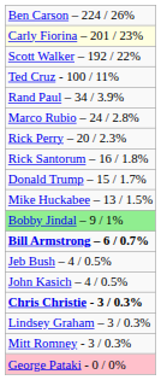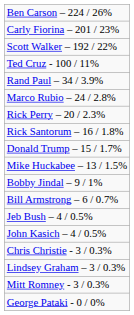 <table class="wikitable sortable">
 <tr>
 <td><a href='#'>Ben Carson</a> – 224 / 26%</td>
 </tr>
 <tr>
-<td style="background: lightyellow;"><a href='#'>Carly Fiorina</a> – 201 / 23%</td>
+<td><a href='#'>Carly Fiorina</a> – 201 / 23%</td>
 </tr>
 <tr>
 <td><a href='#'>Scott Walker</a> – 192 / 22%</td>
 </tr>
 <tr>
 <td><a href='#'>Ted Cruz</a> - 100 / 11%</td>
 </tr>
 <tr>
 <td><a href='#'>Rand Paul</a> – 34 / 3.9%</td>
 </tr>
 <tr>
 <td><a href='#'>Marco Rubio</a> – 24 / 2.8%</td>
 </tr>
 <tr>
 <td><a href='#'>Rick Perry</a> – 20 / 2.3%</td>
 </tr>
 <tr>
 <td><a href='#'>Rick Santorum</a> – 16 / 1.8%</td>
 </tr>
 <tr>
 <td><a href='#'>Donald Trump</a> – 15 / 1.7%</td>
 </tr>
 <tr>
 <td><a href='#'>Mike Huckabee</a> – 13 / 1.5%</td>
 </tr>
 <tr>
-<td style="background: lightgreen;"><a href='#'>Bobby Jindal</a> – 9 / 1%</td>
+<td><a href='#'>Bobby Jindal</a> – 9 / 1%</td>
 </tr>
 <tr>
-<td><strong><a href='#'>Bill Armstrong</a> – 6 / 0.7%</strong></td>
+<td><a href='#'>Bill Armstrong</a> – 6 / 0.7%</td>
 </tr>
 <tr>
 <td><a href='#'>Jeb Bush</a> – 4 / 0.5%</td>
 </tr>
 <tr>
 <td><a href='#'>John Kasich</a> – 4 / 0.5%</td>
 </tr>
 <tr>
-<td><strong><a href='#'>Chris Christie</a> - 3 / 0.3%</strong></td>
+<td><a href='#'>Chris Christie</a> - 3 / 0.3%</td>
 </tr>
 <tr>
 <td><a href='#'>Lindsey Graham</a> – 3 / 0.3%</td>
 </tr>
 <tr>
 <td><a href='#'>Mitt Romney</a> - 3 / 0.3%</td>
 </tr>
 <tr>
-<td style="background: pink;"><a href='#'>George Pataki</a> - 0 / 0%</td>
+<td><a href='#'>George Pataki</a> - 0 / 0%</td>
 </tr>
 </table>
